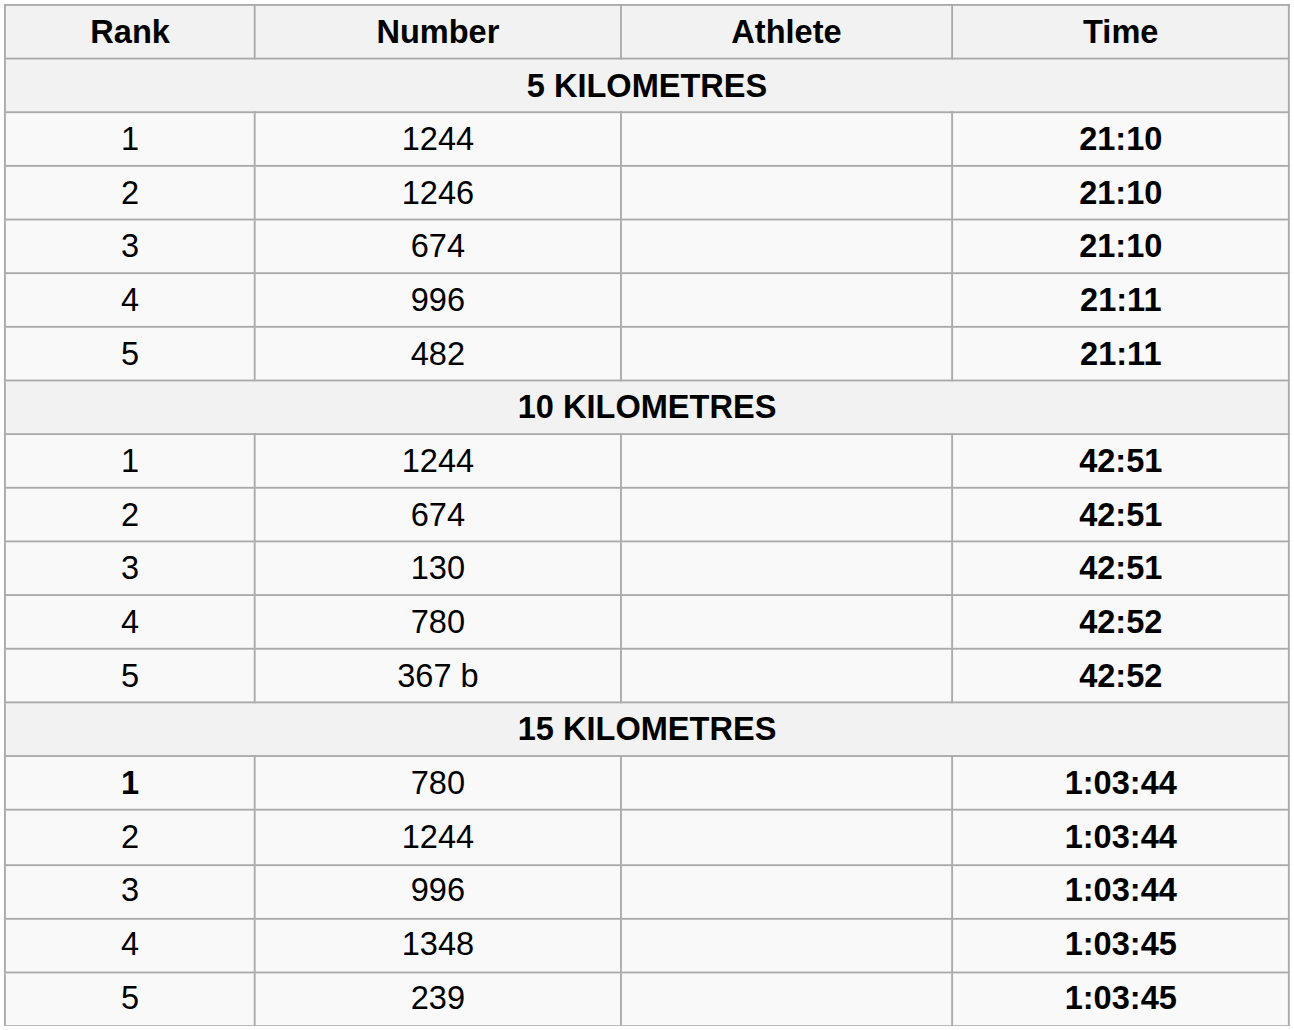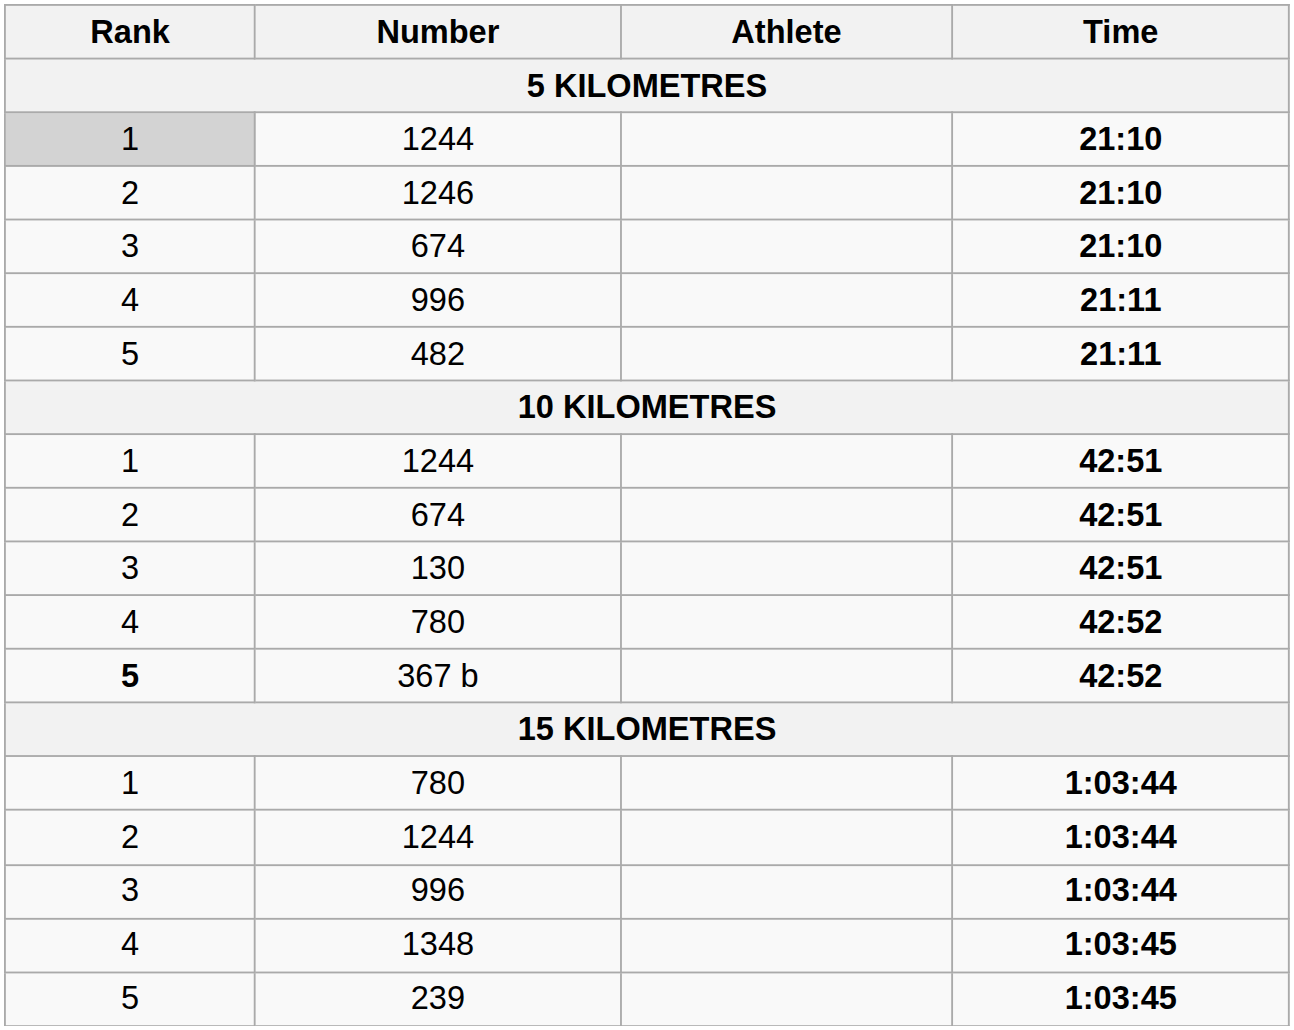 <table class="wikitable" style=" text-align:center; font-size:110%;" width="55%">
 <tr>
 <th>Rank</th>
 <th>Number</th>
 <th>Athlete</th>
 <th>Time</th>
 </tr>
 <tr>
 <th colspan="4">5 KILOMETRES</th>
 </tr>
 <tr>
-<td>1</td>
+<td style="background: lightgrey;">1</td>
 <td>1244</td>
 <td align=left></td>
 <td><strong>21:10</strong></td>
 </tr>
 <tr>
 <td>2</td>
 <td>1246</td>
 <td align=left></td>
 <td><strong>21:10</strong></td>
 </tr>
 <tr>
 <td>3</td>
 <td>674</td>
 <td align=left></td>
 <td><strong>21:10</strong></td>
 </tr>
 <tr>
 <td>4</td>
 <td>996</td>
 <td align=left></td>
 <td><strong>21:11</strong></td>
 </tr>
 <tr>
 <td>5</td>
 <td>482</td>
 <td align=left></td>
 <td><strong>21:11</strong></td>
 </tr>
 <tr>
 <th colspan="4">10 KILOMETRES</th>
 </tr>
 <tr>
 <td>1</td>
 <td>1244</td>
 <td align=left></td>
 <td><strong>42:51</strong></td>
 </tr>
 <tr>
 <td>2</td>
 <td>674</td>
 <td align=left></td>
 <td><strong>42:51</strong></td>
 </tr>
 <tr>
 <td>3</td>
 <td>130</td>
 <td align=left></td>
 <td><strong>42:51</strong></td>
 </tr>
 <tr>
 <td>4</td>
 <td>780</td>
 <td align=left></td>
 <td><strong>42:52</strong></td>
 </tr>
 <tr>
-<td>5</td>
+<td><strong>5</strong></td>
 <td>367 b</td>
 <td align=left></td>
 <td><strong>42:52</strong></td>
 </tr>
 <tr>
 <th colspan="4">15 KILOMETRES</th>
 </tr>
 <tr>
-<td><strong>1</strong></td>
+<td>1</td>
 <td>780</td>
 <td align=left></td>
 <td><strong>1:03:44</strong></td>
 </tr>
 <tr>
 <td>2</td>
 <td>1244</td>
 <td align=left></td>
 <td><strong>1:03:44</strong></td>
 </tr>
 <tr>
 <td>3</td>
 <td>996</td>
 <td align=left></td>
 <td><strong>1:03:44</strong></td>
 </tr>
 <tr>
 <td>4</td>
 <td>1348</td>
 <td align=left></td>
 <td><strong>1:03:45</strong></td>
 </tr>
 <tr>
 <td>5</td>
 <td>239</td>
 <td align=left></td>
 <td><strong>1:03:45</strong></td>
 </tr>
 </table>
